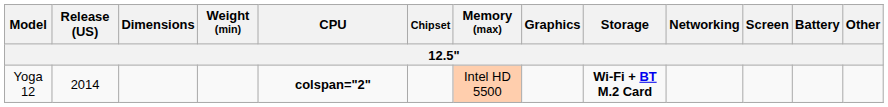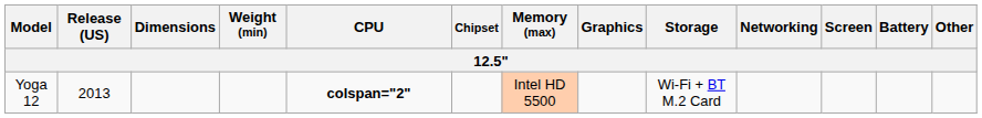 <table class="wikitable" style="font-size: 80%; text-align: center; min-width: 80%;">
 <tr>
 <th>Model</th>
 <th>Release (US)</th>
 <th>Dimensions</th>
 <th>Weight <sup>(min)</sup></th>
 <th style="width:17%">CPU</th>
 <th><small>Chipset</small></th>
 <th>Memory <sup>(max)</sup></th>
 <th>Graphics</th>
 <th>Storage</th>
 <th>Networking</th>
 <th>Screen</th>
 <th>Battery</th>
 <th>Other</th>
 </tr>
 <tr>
 <th colspan=13>12.5"</th>
 </tr>
 <tr>
 <td>Yoga 12</td>
-<td>2014</td>
+<td>2013</td>
 <td></td>
 <td></td>
 <td><strong>colspan="2" </strong></td>
 <td></td>
 <td style="background:#ffcead;">Intel HD 5500</td>
 <td></td>
-<td><strong>Wi-Fi + <a href='#'>BT</a> M.2 Card</strong></td>
+<td>Wi-Fi + <a href='#'>BT</a> M.2 Card</td>
 <td></td>
 <td></td>
 <td></td>
 </tr>
 </table>
